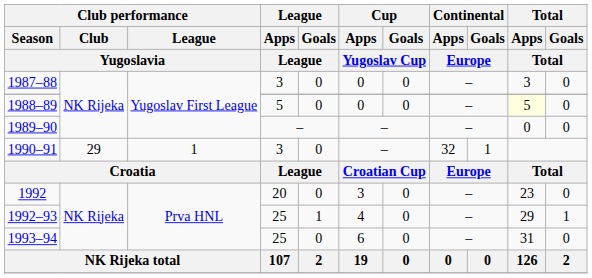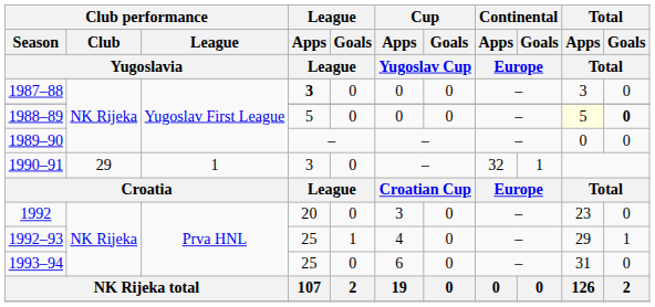 <table class="wikitable" style="text-align:center;">
 <tr>
 <th colspan=3>Club performance</th>
 <th colspan=2>League</th>
 <th colspan=2>Cup</th>
 <th colspan=2>Continental</th>
 <th colspan=2>Total</th>
 </tr>
 <tr>
 <th>Season</th>
 <th>Club</th>
 <th>League</th>
 <th>Apps</th>
 <th>Goals</th>
 <th>Apps</th>
 <th>Goals</th>
 <th>Apps</th>
 <th>Goals</th>
 <th>Apps</th>
 <th>Goals</th>
 </tr>
 <tr>
 <th colspan=3>Yugoslavia</th>
 <th colspan=2>League</th>
 <th colspan=2><a href='#'>Yugoslav Cup</a></th>
 <th colspan=2><a href='#'>Europe</a></th>
 <th colspan=2>Total</th>
 </tr>
 <tr>
 <td><a href='#'>1987–88</a></td>
 <td rowspan="4"><a href='#'>NK Rijeka</a></td>
 <td rowspan="4"><a href='#'>Yugoslav First League</a></td>
-<td>3</td>
+<td><strong>3</strong></td>
 <td>0</td>
 <td>0</td>
 <td>0</td>
 <td colspan="2">–</td>
 <td>3</td>
 <td>0</td>
 </tr>
 <tr>
 </tr>
 <tr>
 <td><a href='#'>1988–89</a></td>
 <td>5</td>
 <td>0</td>
 <td>0</td>
 <td>0</td>
 <td colspan="2">–</td>
 <td style="background: lightyellow;">5</td>
-<td>0</td>
+<td><strong>0</strong></td>
 </tr>
 <tr>
 <td><a href='#'>1989–90</a></td>
 <td colspan="2">–</td>
 <td colspan="2">–</td>
 <td colspan="2">–</td>
 <td>0</td>
 <td>0</td>
 </tr>
 <tr>
 <td><a href='#'>1990–91</a></td>
 <td>29</td>
 <td>1</td>
 <td>3</td>
 <td>0</td>
 <td colspan="2">–</td>
 <td>32</td>
 <td>1</td>
 </tr>
 <tr>
 <th colspan=3>Croatia</th>
 <th colspan=2>League</th>
 <th colspan=2><a href='#'>Croatian Cup</a></th>
 <th colspan=2><a href='#'>Europe</a></th>
 <th colspan=2>Total</th>
 </tr>
 <tr>
 <td><a href='#'>1992</a></td>
 <td rowspan="3"><a href='#'>NK Rijeka</a></td>
 <td rowspan="3"><a href='#'>Prva HNL</a></td>
 <td>20</td>
 <td>0</td>
 <td>3</td>
 <td>0</td>
 <td colspan="2">–</td>
 <td>23</td>
 <td>0</td>
 </tr>
 <tr>
 <td><a href='#'>1992–93</a></td>
 <td>25</td>
 <td>1</td>
 <td>4</td>
 <td>0</td>
 <td colspan="2">–</td>
 <td>29</td>
 <td>1</td>
 </tr>
 <tr>
 <td><a href='#'>1993–94</a></td>
 <td>25</td>
 <td>0</td>
 <td>6</td>
 <td>0</td>
 <td colspan="2">–</td>
 <td>31</td>
 <td>0</td>
 </tr>
 <tr>
 <th colspan=3>NK Rijeka total</th>
 <th>107</th>
 <th>2</th>
 <th>19</th>
 <th>0</th>
 <th>0</th>
 <th>0</th>
 <th>126</th>
 <th>2</th>
 </tr>
 <tr>
 </tr>
 </table>
